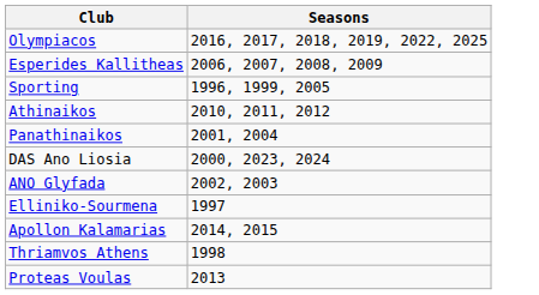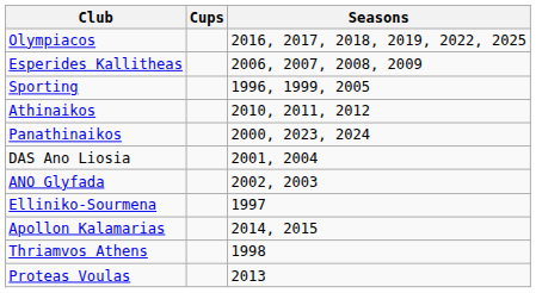 <table class="wikitable">
 <tr>
 <th>Club</th>
+<th>Cups</th>
 <th>Seasons</th>
 </tr>
 <tr>
 <td><a href='#'>Olympiacos</a></td>
+<td></td>
 <td>2016, 2017, 2018, 2019, 2022, 2025</td>
 </tr>
 <tr>
 <td><a href='#'>Esperides Kallitheas</a></td>
+<td></td>
 <td>2006, 2007, 2008, 2009</td>
 </tr>
 <tr>
 <td><a href='#'>Sporting</a></td>
+<td></td>
 <td>1996, 1999, 2005</td>
 </tr>
 <tr>
 <td><a href='#'>Athinaikos</a></td>
+<td></td>
 <td>2010, 2011, 2012</td>
 </tr>
 <tr>
 <td><a href='#'>Panathinaikos</a></td>
+<td></td>
+<td>2000, 2023, 2024</td>
+</tr>
+<tr>
+<td>DAS Ano Liosia</td>
+<td></td>
 <td>2001, 2004</td>
 </tr>
 <tr>
-<td>DAS Ano Liosia</td>
-<td>2000, 2023, 2024</td>
-</tr>
-<tr>
 <td><a href='#'>ANO Glyfada</a></td>
+<td></td>
 <td>2002, 2003</td>
 </tr>
 <tr>
 <td><a href='#'>Elliniko-Sourmena</a></td>
+<td></td>
 <td>1997</td>
 </tr>
 <tr>
 <td><a href='#'>Apollon Kalamarias</a></td>
+<td></td>
 <td>2014, 2015</td>
 </tr>
 <tr>
 <td><a href='#'>Thriamvos Athens</a></td>
+<td></td>
 <td>1998</td>
 </tr>
 <tr>
 <td><a href='#'>Proteas Voulas</a></td>
+<td></td>
 <td>2013</td>
 </tr>
 </table>
